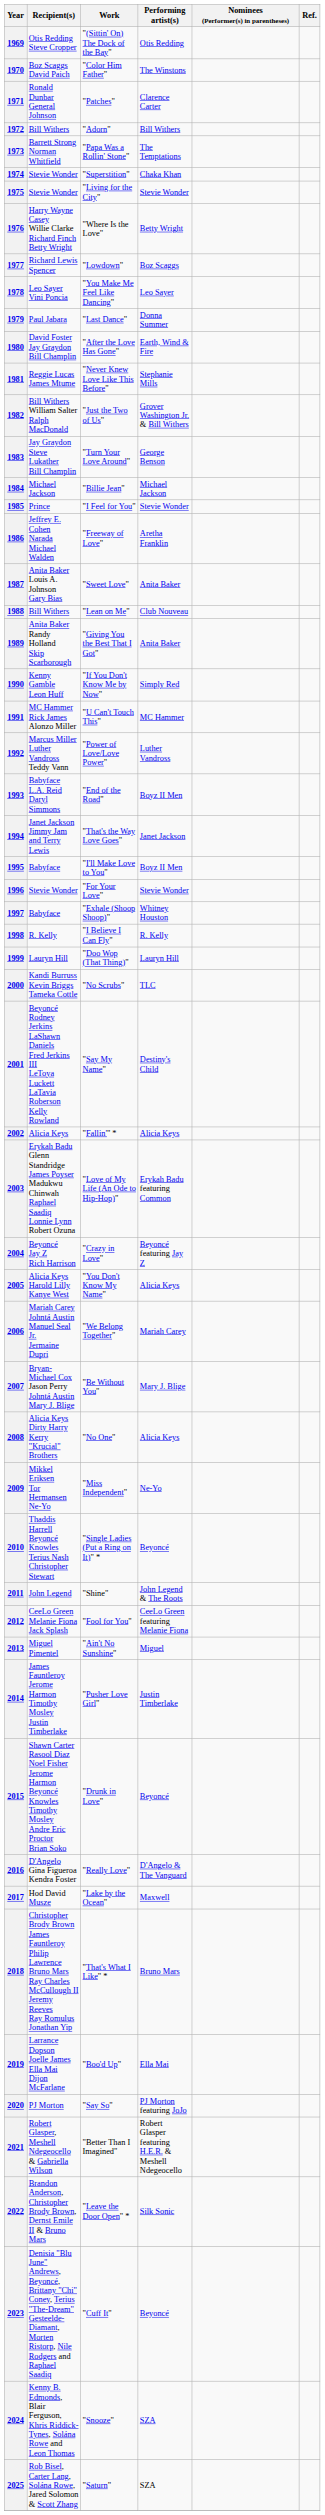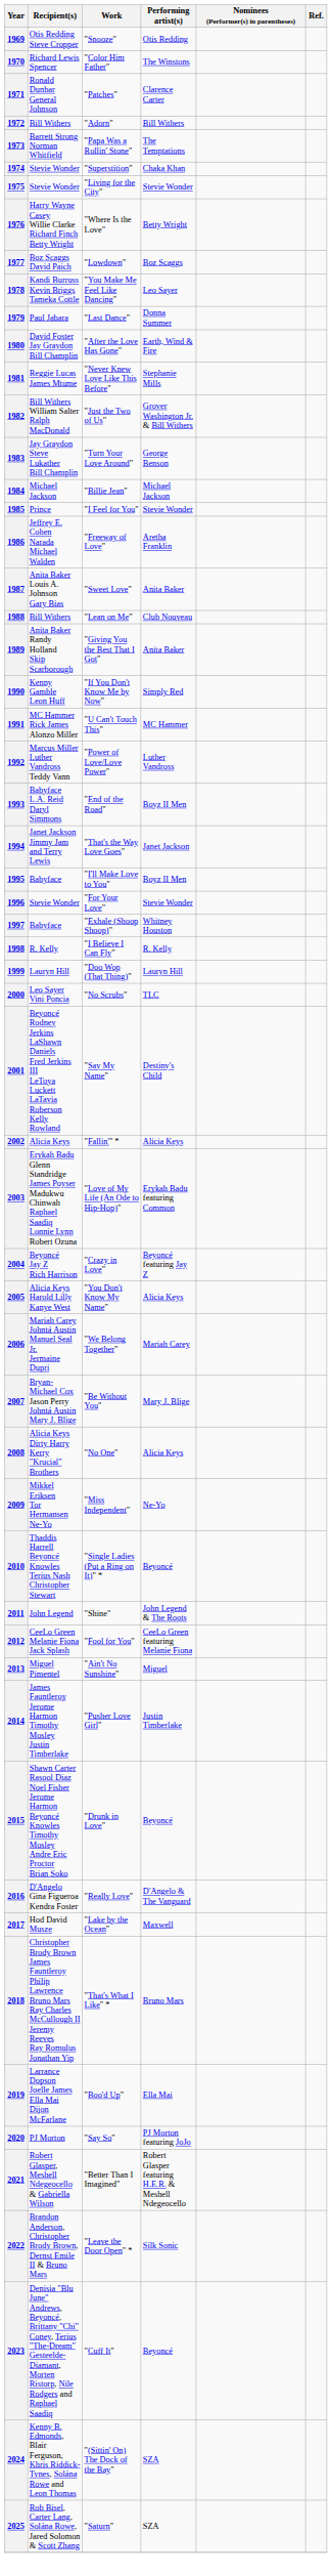 <table class="wikitable">
 <tr>
 <th width="5%">Year</th>
 <th width="15%">Recipient(s)</th>
 <th width="15%">Work</th>
 <th width="15%">Performing artist(s)</th>
 <th width="30%" class=unsortable>Nominees<br><small>(Performer(s) in parentheses)</small></th>
 <th width="5%" class=unsortable>Ref.</th>
 </tr>
 <tr>
 <th scope="row"><a href='#'>1969</a></th>
 <td><a href='#'>Otis Redding</a><br><a href='#'>Steve Cropper</a></td>
-<td>"<a href='#'>(Sittin' On) The Dock of the Bay</a>"</td>
+<td>"<a href='#'>Snooze</a>"</td>
 <td><a href='#'>Otis Redding</a></td>
 <td></td>
 <td align="center"></td>
 </tr>
 <tr>
 <th scope="row"><a href='#'>1970</a></th>
-<td><a href='#'>Boz Scaggs</a><br><a href='#'>David Paich</a></td>
+<td><a href='#'>Richard Lewis Spencer</a></td>
 <td>"<a href='#'>Color Him Father</a>"</td>
 <td><a href='#'>The Winstons</a></td>
 <td></td>
 <td align="center"></td>
 </tr>
 <tr>
 <th scope="row"><a href='#'>1971</a></th>
 <td><a href='#'>Ronald Dunbar</a><br><a href='#'>General Johnson</a></td>
 <td>"<a href='#'>Patches</a>"</td>
 <td><a href='#'>Clarence Carter</a></td>
 <td></td>
 <td align="center"></td>
 </tr>
 <tr>
 <th scope="row"><a href='#'>1972</a></th>
 <td><a href='#'>Bill Withers</a></td>
 <td>"<a href='#'>Adorn</a>"</td>
 <td><a href='#'>Bill Withers</a></td>
 <td></td>
 <td align="center"></td>
 </tr>
 <tr>
 <th scope="row"><a href='#'>1973</a></th>
 <td><a href='#'>Barrett Strong</a><br><a href='#'>Norman Whitfield</a></td>
 <td>"<a href='#'>Papa Was a Rollin' Stone</a>"</td>
 <td><a href='#'>The Temptations</a></td>
 <td></td>
 <td align="center"></td>
 </tr>
 <tr>
 <th scope="row"><a href='#'>1974</a></th>
 <td><a href='#'>Stevie Wonder</a></td>
 <td>"<a href='#'>Superstition</a>"</td>
 <td><a href='#'>Chaka Khan</a></td>
 <td></td>
 <td align="center"></td>
 </tr>
 <tr>
 <th scope="row"><a href='#'>1975</a></th>
 <td><a href='#'>Stevie Wonder</a></td>
 <td>"<a href='#'>Living for the City</a>"</td>
 <td><a href='#'>Stevie Wonder</a></td>
 <td></td>
 <td align="center"></td>
 </tr>
 <tr>
 <th scope="row"><a href='#'>1976</a></th>
 <td><a href='#'>Harry Wayne Casey</a><br>Willie Clarke<br><a href='#'>Richard Finch</a><br><a href='#'>Betty Wright</a></td>
 <td>"Where Is the Love"</td>
 <td><a href='#'>Betty Wright</a></td>
 <td></td>
 <td align="center"></td>
 </tr>
 <tr>
 <th scope="row"><a href='#'>1977</a></th>
-<td><a href='#'>Richard Lewis Spencer</a></td>
+<td><a href='#'>Boz Scaggs</a><br><a href='#'>David Paich</a></td>
 <td>"<a href='#'>Lowdown</a>"</td>
 <td><a href='#'>Boz Scaggs</a></td>
 <td></td>
 <td align="center"></td>
 </tr>
 <tr>
 <th scope="row"><a href='#'>1978</a></th>
-<td><a href='#'>Leo Sayer</a><br><a href='#'>Vini Poncia</a></td>
+<td><a href='#'>Kandi Burruss</a><br><a href='#'>Kevin Briggs</a><br><a href='#'>Tameka Cottle</a></td>
 <td>"<a href='#'>You Make Me Feel Like Dancing</a>"</td>
 <td><a href='#'>Leo Sayer</a></td>
 <td></td>
 <td align="center"></td>
 </tr>
 <tr>
 <th scope="row"><a href='#'>1979</a></th>
 <td><a href='#'>Paul Jabara</a></td>
 <td>"<a href='#'>Last Dance</a>"</td>
 <td><a href='#'>Donna Summer</a></td>
 <td></td>
 <td align="center"></td>
 </tr>
 <tr>
 <th scope="row"><a href='#'>1980</a></th>
 <td><a href='#'>David Foster</a><br><a href='#'>Jay Graydon</a><br><a href='#'>Bill Champlin</a></td>
 <td>"<a href='#'>After the Love Has Gone</a>"</td>
 <td><a href='#'>Earth, Wind & Fire</a></td>
 <td></td>
 <td align="center"></td>
 </tr>
 <tr>
 <th scope="row"><a href='#'>1981</a></th>
 <td><a href='#'>Reggie Lucas</a><br><a href='#'>James Mtume</a></td>
 <td>"<a href='#'>Never Knew Love Like This Before</a>"</td>
 <td><a href='#'>Stephanie Mills</a></td>
 <td></td>
 <td align="center"></td>
 </tr>
 <tr>
 <th scope="row"><a href='#'>1982</a></th>
 <td><a href='#'>Bill Withers</a><br>William Salter<br><a href='#'>Ralph MacDonald</a></td>
 <td>"<a href='#'>Just the Two of Us</a>"</td>
 <td><a href='#'>Grover Washington Jr.</a> & <a href='#'>Bill Withers</a></td>
 <td></td>
 <td align="center"></td>
 </tr>
 <tr>
 <th scope="row"><a href='#'>1983</a></th>
 <td><a href='#'>Jay Graydon</a><br><a href='#'>Steve Lukather</a><br><a href='#'>Bill Champlin</a></td>
 <td>"<a href='#'>Turn Your Love Around</a>"</td>
 <td><a href='#'>George Benson</a></td>
 <td></td>
 <td align="center"></td>
 </tr>
 <tr>
 <th scope="row"><a href='#'>1984</a></th>
 <td><a href='#'>Michael Jackson</a></td>
 <td>"<a href='#'>Billie Jean</a>"</td>
 <td><a href='#'>Michael Jackson</a></td>
 <td></td>
 <td align="center"></td>
 </tr>
 <tr>
 <th scope="row"><a href='#'>1985</a></th>
 <td><a href='#'>Prince</a></td>
 <td>"<a href='#'>I Feel for You</a>"</td>
 <td><a href='#'>Stevie Wonder</a></td>
 <td></td>
 <td align="center"></td>
 </tr>
 <tr>
 <th scope="row"><a href='#'>1986</a></th>
 <td><a href='#'>Jeffrey E. Cohen</a><br><a href='#'>Narada Michael Walden</a></td>
 <td>"<a href='#'>Freeway of Love</a>"</td>
 <td><a href='#'>Aretha Franklin</a></td>
 <td></td>
 <td align="center"></td>
 </tr>
 <tr>
 <th scope="row"><a href='#'>1987</a></th>
 <td><a href='#'>Anita Baker</a><br>Louis A. Johnson<br><a href='#'>Gary Bias</a></td>
 <td>"<a href='#'>Sweet Love</a>"</td>
 <td><a href='#'>Anita Baker</a></td>
 <td></td>
 <td align="center"></td>
 </tr>
 <tr>
 <th scope="row"><a href='#'>1988</a></th>
 <td><a href='#'>Bill Withers</a></td>
 <td>"<a href='#'>Lean on Me</a>"</td>
 <td><a href='#'>Club Nouveau</a></td>
 <td></td>
 <td align="center"></td>
 </tr>
 <tr>
 <th scope="row"><a href='#'>1989</a></th>
 <td><a href='#'>Anita Baker</a><br>Randy Holland<br><a href='#'>Skip Scarborough</a></td>
 <td>"<a href='#'>Giving You the Best That I Got</a>"</td>
 <td><a href='#'>Anita Baker</a></td>
 <td></td>
 <td align="center"></td>
 </tr>
 <tr>
 <th scope="row"><a href='#'>1990</a></th>
 <td><a href='#'>Kenny Gamble<br>Leon Huff</a></td>
 <td>"<a href='#'>If You Don't Know Me by Now</a>"</td>
 <td><a href='#'>Simply Red</a></td>
 <td></td>
 <td align="center"></td>
 </tr>
 <tr>
 <th scope="row"><a href='#'>1991</a></th>
 <td><a href='#'>MC Hammer</a><br><a href='#'>Rick James</a><br>Alonzo Miller</td>
 <td>"<a href='#'>U Can't Touch This</a>"</td>
 <td><a href='#'>MC Hammer</a></td>
 <td></td>
 <td align="center"></td>
 </tr>
 <tr>
 <th scope="row"><a href='#'>1992</a></th>
 <td><a href='#'>Marcus Miller</a><br><a href='#'>Luther Vandross</a><br>Teddy Vann</td>
 <td>"<a href='#'>Power of Love/Love Power</a>"</td>
 <td><a href='#'>Luther Vandross</a></td>
 <td></td>
 <td align="center"></td>
 </tr>
 <tr>
 <th scope="row"><a href='#'>1993</a></th>
 <td><a href='#'>Babyface</a><br><a href='#'>L.A. Reid</a><br><a href='#'>Daryl Simmons</a></td>
 <td>"<a href='#'>End of the Road</a>"</td>
 <td><a href='#'>Boyz II Men</a></td>
 <td></td>
 <td align="center"></td>
 </tr>
 <tr>
 <th scope="row"><a href='#'>1994</a></th>
 <td><a href='#'>Janet Jackson</a><br><a href='#'>Jimmy Jam and Terry Lewis</a></td>
 <td>"<a href='#'>That's the Way Love Goes</a>"</td>
 <td><a href='#'>Janet Jackson</a></td>
 <td></td>
 <td align="center"></td>
 </tr>
 <tr>
 <th scope="row"><a href='#'>1995</a></th>
 <td><a href='#'>Babyface</a></td>
 <td>"<a href='#'>I'll Make Love to You</a>"</td>
 <td><a href='#'>Boyz II Men</a></td>
 <td></td>
 <td align="center"></td>
 </tr>
 <tr>
 <th scope="row"><a href='#'>1996</a></th>
 <td><a href='#'>Stevie Wonder</a></td>
 <td>"<a href='#'>For Your Love</a>"</td>
 <td><a href='#'>Stevie Wonder</a></td>
 <td></td>
 <td align="center"></td>
 </tr>
 <tr>
 <th scope="row"><a href='#'>1997</a></th>
 <td><a href='#'>Babyface</a></td>
 <td>"<a href='#'>Exhale (Shoop Shoop)</a>"</td>
 <td><a href='#'>Whitney Houston</a></td>
 <td></td>
 <td align="center"></td>
 </tr>
 <tr>
 <th scope="row"><a href='#'>1998</a></th>
 <td><a href='#'>R. Kelly</a></td>
 <td>"<a href='#'>I Believe I Can Fly</a>"</td>
 <td><a href='#'>R. Kelly</a></td>
 <td></td>
 <td align="center"></td>
 </tr>
 <tr>
 <th scope="row"><a href='#'>1999</a></th>
 <td><a href='#'>Lauryn Hill</a></td>
 <td>"<a href='#'>Doo Wop (That Thing)</a>"</td>
 <td><a href='#'>Lauryn Hill</a></td>
 <td></td>
 <td align="center"></td>
 </tr>
 <tr>
 <th scope="row"><a href='#'>2000</a></th>
-<td><a href='#'>Kandi Burruss</a><br><a href='#'>Kevin Briggs</a><br><a href='#'>Tameka Cottle</a></td>
+<td><a href='#'>Leo Sayer</a><br><a href='#'>Vini Poncia</a></td>
 <td>"<a href='#'>No Scrubs</a>"</td>
 <td><a href='#'>TLC</a></td>
 <td></td>
 <td align="center"></td>
 </tr>
 <tr>
 <th scope="row"><a href='#'>2001</a></th>
 <td><a href='#'>Beyoncé</a><br><a href='#'>Rodney Jerkins</a><br><a href='#'>LaShawn Daniels</a><br><a href='#'>Fred Jerkins III</a><br><a href='#'>LeToya Luckett</a><br><a href='#'>LaTavia Roberson</a><br><a href='#'>Kelly Rowland</a></td>
 <td>"<a href='#'>Say My Name</a>"</td>
 <td><a href='#'>Destiny's Child</a></td>
 <td></td>
 <td align="center"></td>
 </tr>
 <tr>
 <th scope="row"><a href='#'>2002</a></th>
 <td><a href='#'>Alicia Keys</a></td>
 <td>"<a href='#'>Fallin'</a>" *</td>
 <td><a href='#'>Alicia Keys</a></td>
 <td></td>
 <td align="center"></td>
 </tr>
 <tr>
 <th scope="row"><a href='#'>2003</a></th>
 <td><a href='#'>Erykah Badu</a><br>Glenn Standridge<br><a href='#'>James Poyser</a><br>Madukwu Chinwah<br><a href='#'>Raphael Saadiq</a><br><a href='#'>Lonnie Lynn</a><br>Robert Ozuna</td>
 <td>"<a href='#'>Love of My Life (An Ode to Hip-Hop)</a>"</td>
 <td><a href='#'>Erykah Badu</a> featuring <a href='#'>Common</a></td>
 <td></td>
 <td align="center"></td>
 </tr>
 <tr>
 <th scope="row"><a href='#'>2004</a></th>
 <td><a href='#'>Beyoncé</a><br><a href='#'>Jay Z</a><br><a href='#'>Rich Harrison</a></td>
 <td>"<a href='#'>Crazy in Love</a>"</td>
 <td><a href='#'>Beyoncé</a> featuring <a href='#'>Jay Z</a></td>
 <td></td>
 <td align="center"></td>
 </tr>
 <tr>
 <th scope="row"><a href='#'>2005</a></th>
 <td><a href='#'>Alicia Keys</a><br><a href='#'>Harold Lilly</a><br><a href='#'>Kanye West</a></td>
 <td>"<a href='#'>You Don't Know My Name</a>"</td>
 <td><a href='#'>Alicia Keys</a></td>
 <td></td>
 <td align="center"></td>
 </tr>
 <tr>
 <th scope="row"><a href='#'>2006</a></th>
 <td><a href='#'>Mariah Carey</a><br><a href='#'>Johntá Austin</a><br><a href='#'>Manuel Seal Jr.</a><br><a href='#'>Jermaine Dupri</a></td>
 <td>"<a href='#'>We Belong Together</a>"</td>
 <td><a href='#'>Mariah Carey</a></td>
 <td></td>
 <td align="center"></td>
 </tr>
 <tr>
 <th scope="row"><a href='#'>2007</a></th>
 <td><a href='#'>Bryan-Michael Cox</a><br>Jason Perry<br><a href='#'>Johntá Austin</a><br><a href='#'>Mary J. Blige</a></td>
 <td>"<a href='#'>Be Without You</a>"</td>
 <td><a href='#'>Mary J. Blige</a></td>
 <td></td>
 <td align="center"></td>
 </tr>
 <tr>
 <th scope="row"><a href='#'>2008</a></th>
 <td><a href='#'>Alicia Keys</a><br><a href='#'>Dirty Harry</a><br><a href='#'>Kerry "Krucial" Brothers</a></td>
 <td>"<a href='#'>No One</a>"</td>
 <td><a href='#'>Alicia Keys</a></td>
 <td></td>
 <td align="center"></td>
 </tr>
 <tr>
 <th scope="row"><a href='#'>2009</a></th>
 <td><a href='#'>Mikkel Eriksen</a><br><a href='#'>Tor Hermansen</a><br><a href='#'>Ne-Yo</a></td>
 <td>"<a href='#'>Miss Independent</a>"</td>
 <td><a href='#'>Ne-Yo</a></td>
 <td></td>
 <td align="center"></td>
 </tr>
 <tr>
 <th scope="row"><a href='#'>2010</a></th>
 <td><a href='#'>Thaddis Harrell</a><br><a href='#'>Beyoncé Knowles</a><br><a href='#'>Terius Nash</a><br><a href='#'>Christopher Stewart</a></td>
 <td>"<a href='#'>Single Ladies (Put a Ring on It)</a>" *</td>
 <td><a href='#'>Beyoncé</a></td>
 <td></td>
 <td align="center"></td>
 </tr>
 <tr>
 <th scope="row"><a href='#'>2011</a></th>
 <td><a href='#'>John Legend</a></td>
 <td>"Shine"</td>
 <td><a href='#'>John Legend</a> & <a href='#'>The Roots</a></td>
 <td></td>
 <td align="center"></td>
 </tr>
 <tr>
 <th scope="row"><a href='#'>2012</a></th>
 <td><a href='#'>CeeLo Green</a><br><a href='#'>Melanie Fiona</a><br><a href='#'>Jack Splash</a></td>
 <td>"<a href='#'>Fool for You</a>"</td>
 <td><a href='#'>CeeLo Green</a> featuring <a href='#'>Melanie Fiona</a></td>
 <td></td>
 <td align="center"></td>
 </tr>
 <tr>
 <th scope="row"><a href='#'>2013</a></th>
 <td><a href='#'>Miguel Pimentel</a></td>
 <td>"<a href='#'>Ain't No Sunshine</a>"</td>
 <td><a href='#'>Miguel</a></td>
 <td></td>
 <td align="center"></td>
 </tr>
 <tr>
 <th scope="row"><a href='#'>2014</a></th>
 <td><a href='#'>James Fauntleroy</a><br><a href='#'>Jerome Harmon</a><br><a href='#'>Timothy Mosley</a><br><a href='#'>Justin Timberlake</a></td>
 <td>"<a href='#'>Pusher Love Girl</a>"</td>
 <td><a href='#'>Justin Timberlake</a></td>
 <td></td>
 <td align="center"></td>
 </tr>
 <tr>
 <th scope="row"><a href='#'>2015</a></th>
 <td><a href='#'>Shawn Carter</a><br><a href='#'>Rasool Diaz</a><br><a href='#'>Noel Fisher</a><br><a href='#'>Jerome Harmon</a><br><a href='#'>Beyoncé Knowles</a><br><a href='#'>Timothy Mosley</a><br><a href='#'>Andre Eric Proctor</a><br><a href='#'>Brian Soko</a></td>
 <td>"<a href='#'>Drunk in Love</a>"</td>
 <td><a href='#'>Beyoncé</a> </td>
 <td></td>
 <td align="center"></td>
 </tr>
 <tr>
 <th scope="row"><a href='#'>2016</a></th>
 <td><a href='#'>D'Angelo</a><br>Gina Figueroa<br>Kendra Foster</td>
 <td>"<a href='#'>Really Love</a>"</td>
 <td><a href='#'>D'Angelo & The Vanguard</a></td>
 <td></td>
 <td align="center"></td>
 </tr>
 <tr>
 <th scope="row"><a href='#'>2017</a></th>
 <td>Hod David<br><a href='#'>Musze</a></td>
 <td>"<a href='#'>Lake by the Ocean</a>"</td>
 <td><a href='#'>Maxwell</a></td>
 <td></td>
 <td align="center"></td>
 </tr>
 <tr>
 <th scope="row"><a href='#'>2018</a></th>
 <td><a href='#'>Christopher Brody Brown</a><br><a href='#'>James Fauntleroy</a><br><a href='#'>Philip Lawrence</a><br><a href='#'>Bruno Mars</a><br><a href='#'>Ray Charles McCullough II</a><br><a href='#'>Jeremy Reeves</a><br><a href='#'>Ray Romulus</a><br><a href='#'>Jonathan Yip</a></td>
 <td>"<a href='#'>That's What I Like</a>" *</td>
 <td><a href='#'>Bruno Mars</a></td>
 <td></td>
 <td align="center"></td>
 </tr>
 <tr>
 <th scope="row"><a href='#'>2019</a></th>
 <td><a href='#'>Larrance Dopson</a><br><a href='#'>Joelle James</a><br><a href='#'>Ella Mai</a><br><a href='#'>Dijon McFarlane</a></td>
 <td>"<a href='#'>Boo'd Up</a>"</td>
 <td><a href='#'>Ella Mai</a></td>
 <td></td>
 <td align="center"></td>
 </tr>
 <tr>
 <th scope="row"><a href='#'>2020</a></th>
 <td><a href='#'>PJ Morton</a></td>
 <td>"<a href='#'>Say So</a>"</td>
 <td><a href='#'>PJ Morton</a> featuring <a href='#'>JoJo</a></td>
 <td></td>
 <td align="center"></td>
 </tr>
 <tr>
 <th scope="row"><a href='#'>2021</a></th>
 <td><a href='#'>Robert Glasper</a>, <a href='#'>Meshell Ndegeocello</a> & <a href='#'>Gabriella Wilson</a></td>
 <td>"Better Than I Imagined"</td>
 <td>Robert Glasper featuring <a href='#'>H.E.R.</a> & Meshell Ndegeocello</td>
 <td></td>
 <td align="center"></td>
 </tr>
 <tr>
 <th scope="row"><a href='#'>2022</a></th>
 <td><a href='#'>Brandon Anderson</a>, <a href='#'>Christopher Brody Brown</a>, <a href='#'>Dernst Emile II</a> & <a href='#'>Bruno Mars</a></td>
 <td>"<a href='#'>Leave the Door Open</a>" *</td>
 <td><a href='#'>Silk Sonic</a></td>
 <td></td>
 <td align="center"></td>
 </tr>
 <tr>
 <th><a href='#'>2023</a></th>
 <td><a href='#'>Denisia "Blu June" Andrews</a>, <a href='#'>Beyoncé</a>, <a href='#'>Brittany "Chi" Coney</a>, <a href='#'>Terius "The-Dream" Gesteelde-Diamant</a>, <a href='#'>Morten Ristorp</a>, <a href='#'>Nile Rodgers</a> and <a href='#'>Raphael Saadiq</a></td>
 <td>"<a href='#'>Cuff It</a>"</td>
 <td><a href='#'>Beyoncé</a></td>
 <td></td>
 <td align="center"></td>
 </tr>
 <tr>
 <th><a href='#'>2024</a></th>
 <td><a href='#'>Kenny B. Edmonds</a>, Blair Ferguson, <a href='#'>Khris Riddick-Tynes</a>, <a href='#'>Solána Rowe</a> and <a href='#'>Leon Thomas</a></td>
-<td>"<a href='#'>Snooze</a>"</td>
+<td>"<a href='#'>(Sittin' On) The Dock of the Bay</a>"</td>
 <td><a href='#'>SZA</a></td>
 <td></td>
 <td align="center"></td>
 </tr>
 <tr>
 <th><a href='#'>2025</a></th>
 <td><a href='#'>Rob Bisel</a>, <a href='#'>Carter Lang</a>, <a href='#'>Solána Rowe</a>, Jared Solomon & <a href='#'>Scott Zhang</a></td>
 <td>"<a href='#'>Saturn</a>"</td>
 <td>SZA</td>
 <td></td>
 <td align="center"></td>
 </tr>
 <tr>
 </tr>
 </table>
